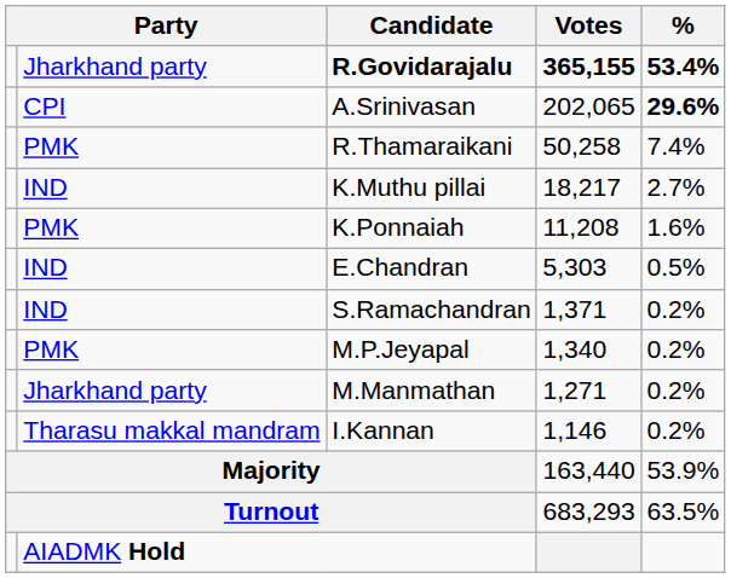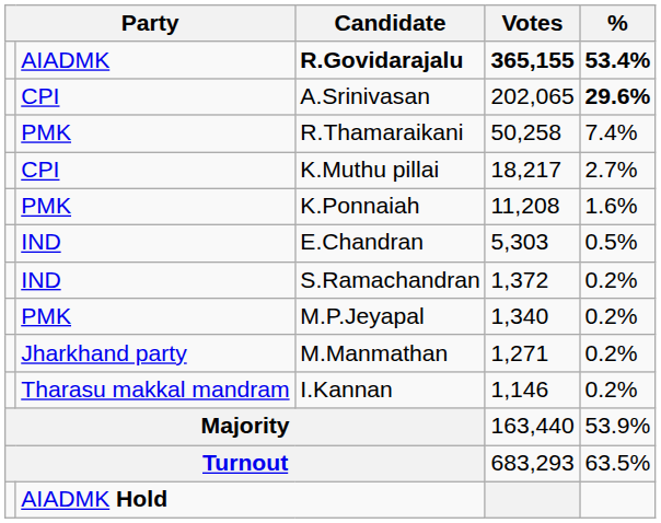 <table class="wikitable">
 <tr>
 <th colspan="2">Party</th>
 <th>Candidate</th>
 <th>Votes</th>
 <th>%</th>
 </tr>
 <tr>
 <td></td>
-<td><a href='#'>Jharkhand party</a></td>
+<td><a href='#'>AIADMK</a></td>
 <td><strong>R.Govidarajalu</strong></td>
 <td><strong>365,155</strong></td>
 <td><strong>53.4%</strong></td>
 </tr>
 <tr>
 <td></td>
 <td><a href='#'>CPI</a></td>
 <td>A.Srinivasan</td>
 <td>202,065</td>
 <td><strong>29.6%</strong></td>
 </tr>
 <tr>
 <td></td>
 <td><a href='#'>PMK</a></td>
 <td>R.Thamaraikani</td>
 <td>50,258</td>
 <td>7.4%</td>
 </tr>
 <tr>
 <td></td>
-<td><a href='#'>IND</a></td>
+<td><a href='#'>CPI</a></td>
 <td>K.Muthu pillai</td>
 <td>18,217</td>
 <td>2.7%</td>
 </tr>
 <tr>
 <td></td>
 <td><a href='#'>PMK</a></td>
 <td>K.Ponnaiah</td>
 <td>11,208</td>
 <td>1.6%</td>
 </tr>
 <tr>
 <td></td>
 <td><a href='#'>IND</a></td>
 <td>E.Chandran</td>
 <td>5,303</td>
 <td>0.5%</td>
 </tr>
 <tr>
 <td></td>
 <td><a href='#'>IND</a></td>
 <td>S.Ramachandran</td>
-<td>1,371</td>
+<td>1,372</td>
 <td>0.2%</td>
 </tr>
 <tr>
 <td></td>
 <td><a href='#'>PMK</a></td>
 <td>M.P.Jeyapal</td>
 <td>1,340</td>
 <td>0.2%</td>
 </tr>
 <tr>
 <td></td>
 <td><a href='#'>Jharkhand party</a></td>
 <td>M.Manmathan</td>
 <td>1,271</td>
 <td>0.2%</td>
 </tr>
 <tr>
 <td></td>
 <td><a href='#'>Tharasu makkal mandram</a></td>
 <td>I.Kannan</td>
 <td>1,146</td>
 <td>0.2%</td>
 </tr>
 <tr>
 <th colspan="3">Majority</th>
 <td>163,440</td>
 <td>53.9%</td>
 </tr>
 <tr>
 <th colspan="3"><a href='#'>Turnout</a></th>
 <td>683,293</td>
 <td>63.5%</td>
 </tr>
 <tr>
 <td></td>
 <td colspan="2"><a href='#'>AIADMK</a> <strong>Hold</strong></td>
 <th></th>
 <td></td>
 </tr>
 </table>
